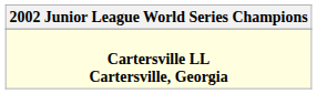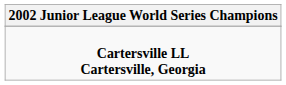 <table class="wikitable" style="text-align: center; margin: 0 auto;">
 <tr>
 <th>2002 Junior League World Series Champions</th>
 </tr>
 <tr>
 </tr>
 <tr>
-<td style="background: lightyellow;"><br><strong>Cartersville LL</strong><br><strong>Cartersville, Georgia</strong></td>
+<td><br><strong>Cartersville LL</strong><br><strong>Cartersville, Georgia</strong></td>
 </tr>
 </table>
